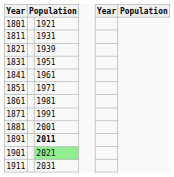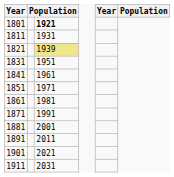 <table class="wikitable" style="border:none;">
 <tr>
 <th>Year</th>
 <th colspan="2">Population</th>
 <td rowspan="13" style="border:none;padding:1em;"></td>
 <th>Year</th>
 <th colspan="2">Population</th>
 </tr>
 <tr>
 <td>1801</td>
 <td style="text-align:right;"></td>
-<td>1921</td>
+<td><strong>1921</strong></td>
 <td style="text-align:right;"></td>
 </tr>
 <tr>
 <td>1811</td>
 <td style="text-align:right;"></td>
 <td>1931</td>
 <td style="text-align:right;"></td>
 </tr>
 <tr>
 <td>1821</td>
 <td style="text-align:right;"></td>
-<td>1939</td>
+<td style="background: khaki;">1939</td>
 <td style="text-align:right;"></td>
 </tr>
 <tr>
 <td>1831</td>
 <td style="text-align:right;"></td>
 <td>1951</td>
 <td style="text-align:right;"></td>
 </tr>
 <tr>
 <td>1841</td>
 <td style="text-align:right;"></td>
 <td>1961</td>
 <td style="text-align:right;"></td>
 </tr>
 <tr>
 <td>1851</td>
 <td style="text-align:right;"></td>
 <td>1971</td>
 <td style="text-align:right;"></td>
 </tr>
 <tr>
 <td>1861</td>
 <td style="text-align:right;"></td>
 <td>1981</td>
 <td style="text-align:right;"></td>
 </tr>
 <tr>
 <td>1871</td>
 <td style="text-align:right;"></td>
 <td>1991</td>
 <td style="text-align:right;"></td>
 </tr>
 <tr>
 <td>1881</td>
 <td style="text-align:right;"></td>
 <td>2001</td>
 <td style="text-align:right;"></td>
 </tr>
 <tr>
 <td>1891</td>
 <td style="text-align:right;"></td>
-<td><strong>2011</strong></td>
+<td>2011</td>
 <td style="text-align:right;"></td>
 </tr>
 <tr>
 <td>1901</td>
 <td style="text-align:right;"></td>
-<td style="background: lightgreen;">2021</td>
+<td>2021</td>
 <td style="text-align:right;"></td>
 </tr>
 <tr>
 <td>1911</td>
 <td style="text-align:right;"></td>
 <td>2031</td>
 <td style="text-align:right;"></td>
 </tr>
 </table>
